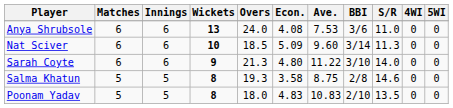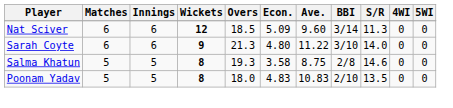 <table class="wikitable" style="text-align: center;">
 <tr>
 <th>Player</th>
 <th>Matches</th>
 <th>Innings</th>
 <th>Wickets</th>
 <th>Overs</th>
 <th>Econ.</th>
 <th>Ave.</th>
 <th>BBI</th>
 <th>S/R</th>
 <th>4WI</th>
 <th>5WI</th>
 </tr>
 <tr>
 </tr>
 <tr>
-<td style="text-align:left"> <a href='#'>Anya Shrubsole</a></td>
-<td>6</td>
-<td>6</td>
-<td><strong>13</strong></td>
-<td>24.0</td>
-<td>4.08</td>
-<td>7.53</td>
-<td>3/6</td>
-<td>11.0</td>
-<td>0</td>
-<td>0</td>
-</tr>
-<tr>
 <td style="text-align:left"> <a href='#'>Nat Sciver</a></td>
 <td>6</td>
 <td>6</td>
-<td><strong>10</strong></td>
+<td><strong>12</strong></td>
 <td>18.5</td>
 <td>5.09</td>
 <td>9.60</td>
 <td>3/14</td>
 <td>11.3</td>
 <td>0</td>
 <td>0</td>
 </tr>
 <tr>
 <td style="text-align:left"> <a href='#'>Sarah Coyte</a></td>
 <td>6</td>
 <td>6</td>
 <td><strong>9</strong></td>
 <td>21.3</td>
 <td>4.80</td>
 <td>11.22</td>
 <td>3/10</td>
 <td>14.0</td>
 <td>0</td>
 <td>0</td>
 </tr>
 <tr>
 <td style="text-align:left"> <a href='#'>Salma Khatun</a></td>
 <td>5</td>
 <td>5</td>
 <td><strong>8</strong></td>
 <td>19.3</td>
 <td>3.58</td>
 <td>8.75</td>
 <td>2/8</td>
 <td>14.6</td>
 <td>0</td>
 <td>0</td>
 </tr>
 <tr>
 <td style="text-align:left"> <a href='#'>Poonam Yadav</a></td>
 <td>5</td>
 <td>5</td>
 <td><strong>8</strong></td>
 <td>18.0</td>
 <td>4.83</td>
 <td>10.83</td>
 <td>2/10</td>
 <td>13.5</td>
 <td>0</td>
 <td>0</td>
 </tr>
 </table>
